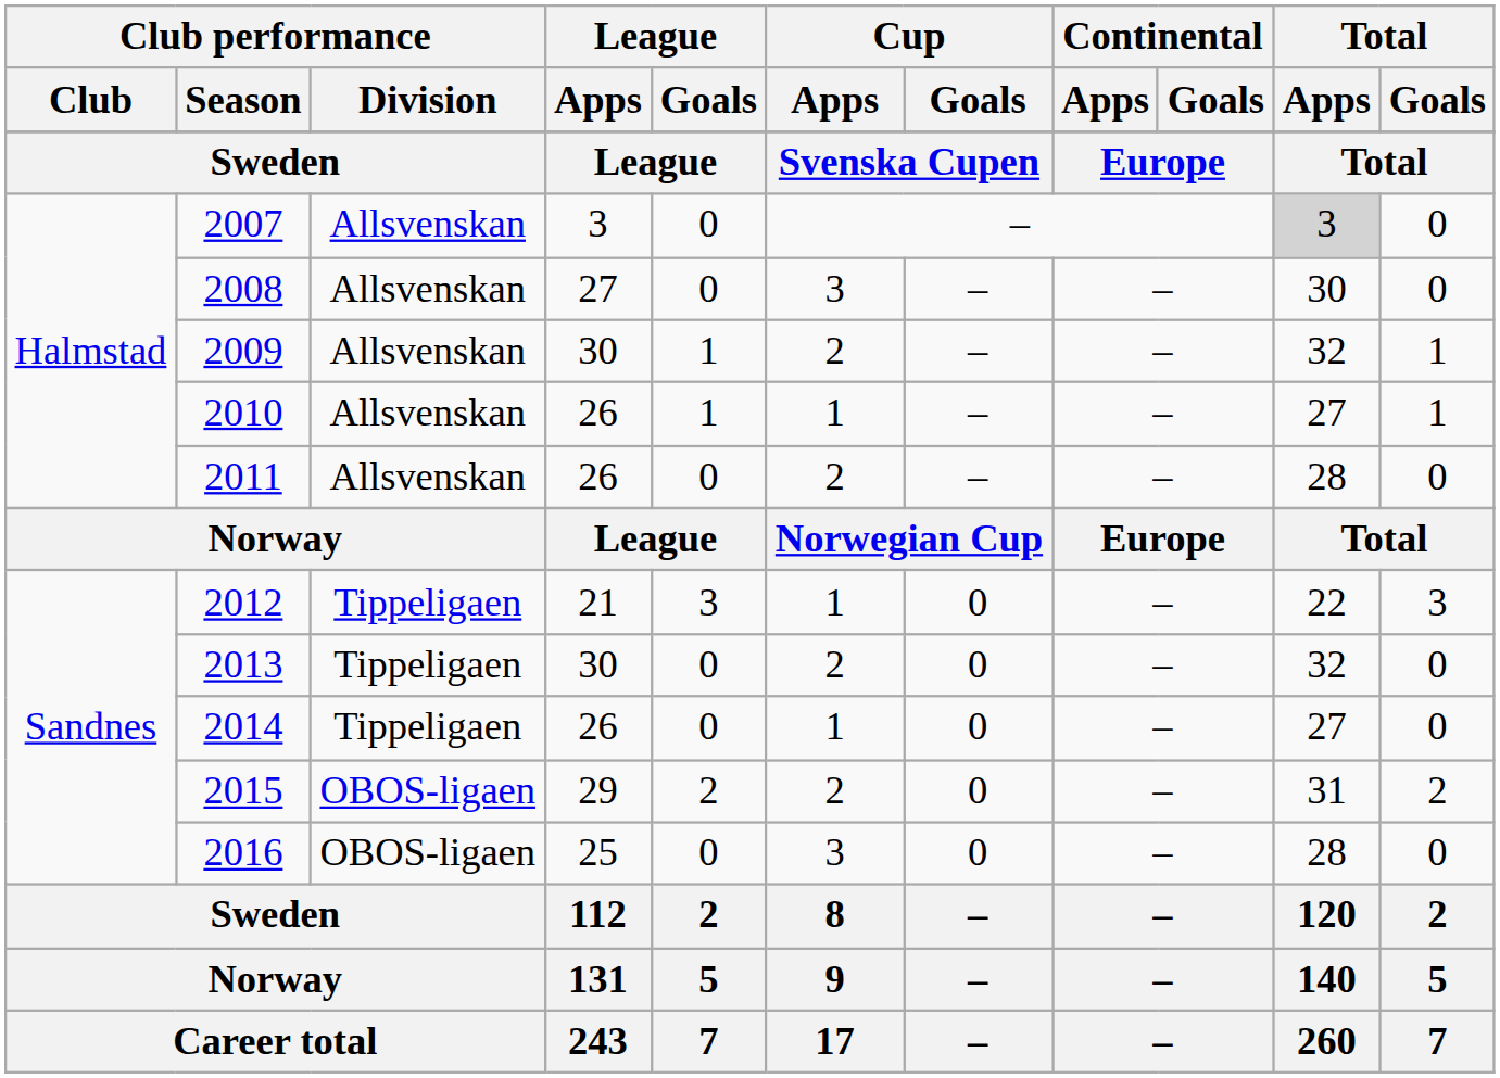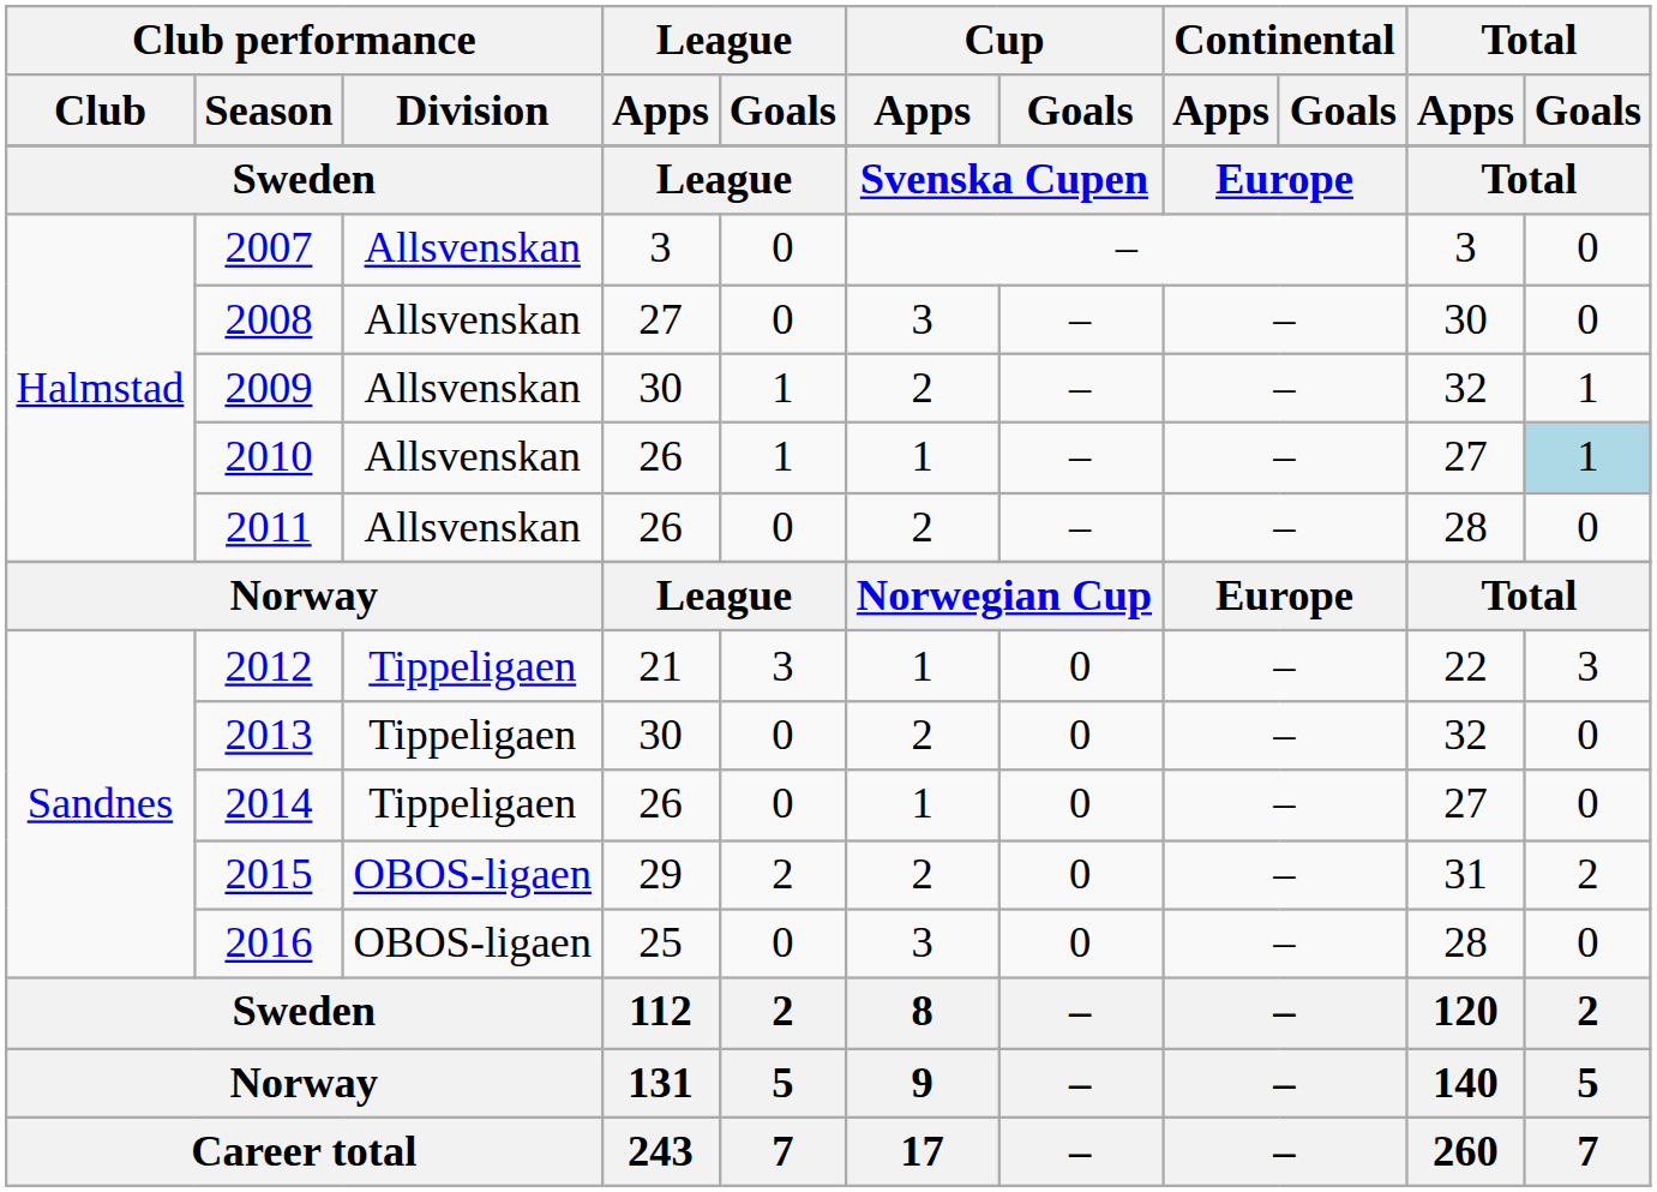 <table class="wikitable" style="text-align:center">
 <tr>
 <th colspan="3">Club performance</th>
 <th colspan=2>League</th>
 <th colspan=2>Cup</th>
 <th colspan=2>Continental</th>
 <th colspan=2>Total</th>
 </tr>
 <tr>
 <th>Club</th>
 <th>Season</th>
 <th>Division</th>
 <th>Apps</th>
 <th>Goals</th>
 <th>Apps</th>
 <th>Goals</th>
 <th>Apps</th>
 <th>Goals</th>
 <th>Apps</th>
 <th>Goals</th>
 </tr>
 <tr>
 </tr>
 <tr>
 <th colspan="3">Sweden</th>
 <th colspan=2>League</th>
 <th colspan=2><a href='#'>Svenska Cupen</a></th>
 <th colspan=2><a href='#'>Europe</a></th>
 <th colspan=2>Total</th>
 </tr>
 <tr>
 <td rowspan="5"><a href='#'>Halmstad</a></td>
 <td><a href='#'>2007</a></td>
 <td><a href='#'>Allsvenskan</a></td>
 <td>3</td>
 <td>0</td>
 <td colspan="4">–</td>
-<td style="background: lightgrey;">3</td>
+<td>3</td>
 <td>0</td>
 </tr>
 <tr>
 <td><a href='#'>2008</a></td>
 <td>Allsvenskan</td>
 <td>27</td>
 <td>0</td>
 <td>3</td>
 <td>–</td>
 <td colspan="2">–</td>
 <td>30</td>
 <td>0</td>
 </tr>
 <tr>
 <td><a href='#'>2009</a></td>
 <td>Allsvenskan</td>
 <td>30</td>
 <td>1</td>
 <td>2</td>
 <td>–</td>
 <td colspan="2">–</td>
 <td>32</td>
 <td>1</td>
 </tr>
 <tr>
 <td><a href='#'>2010</a></td>
 <td>Allsvenskan</td>
 <td>26</td>
 <td>1</td>
 <td>1</td>
 <td>–</td>
 <td colspan="2">–</td>
 <td>27</td>
-<td>1</td>
+<td style="background: lightblue;">1</td>
 </tr>
 <tr>
 <td><a href='#'>2011</a></td>
 <td>Allsvenskan</td>
 <td>26</td>
 <td>0</td>
 <td>2</td>
 <td>–</td>
 <td colspan="2">–</td>
 <td>28</td>
 <td>0</td>
 </tr>
 <tr>
 </tr>
 <tr>
 <th colspan="3">Norway</th>
 <th colspan=2>League</th>
 <th colspan=2><a href='#'>Norwegian Cup</a></th>
 <th colspan=2>Europe</th>
 <th colspan=2>Total</th>
 </tr>
 <tr>
 <td rowspan="5"><a href='#'>Sandnes</a></td>
 <td><a href='#'>2012</a></td>
 <td><a href='#'>Tippeligaen</a></td>
 <td>21</td>
 <td>3</td>
 <td>1</td>
 <td>0</td>
 <td colspan="2">–</td>
 <td>22</td>
 <td>3</td>
 </tr>
 <tr>
 <td><a href='#'>2013</a></td>
 <td>Tippeligaen</td>
 <td>30</td>
 <td>0</td>
 <td>2</td>
 <td>0</td>
 <td colspan="2">–</td>
 <td>32</td>
 <td>0</td>
 </tr>
 <tr>
 <td><a href='#'>2014</a></td>
 <td>Tippeligaen</td>
 <td>26</td>
 <td>0</td>
 <td>1</td>
 <td>0</td>
 <td colspan="2">–</td>
 <td>27</td>
 <td>0</td>
 </tr>
 <tr>
 <td><a href='#'>2015</a></td>
 <td><a href='#'>OBOS-ligaen</a></td>
 <td>29</td>
 <td>2</td>
 <td>2</td>
 <td>0</td>
 <td colspan="2">–</td>
 <td>31</td>
 <td>2</td>
 </tr>
 <tr>
 <td><a href='#'>2016</a></td>
 <td>OBOS-ligaen</td>
 <td>25</td>
 <td>0</td>
 <td>3</td>
 <td>0</td>
 <td colspan="2">–</td>
 <td>28</td>
 <td>0</td>
 </tr>
 <tr>
 <th colspan="3">Sweden</th>
 <th>112</th>
 <th>2</th>
 <th>8</th>
 <th>–</th>
 <th colspan="2">–</th>
 <th>120</th>
 <th>2</th>
 </tr>
 <tr>
 <th colspan="3">Norway</th>
 <th>131</th>
 <th>5</th>
 <th>9</th>
 <th>–</th>
 <th colspan="2">–</th>
 <th>140</th>
 <th>5</th>
 </tr>
 <tr>
 <th colspan="3">Career total</th>
 <th>243</th>
 <th>7</th>
 <th>17</th>
 <th>–</th>
 <th colspan="2">–</th>
 <th>260</th>
 <th>7</th>
 </tr>
 </table>
